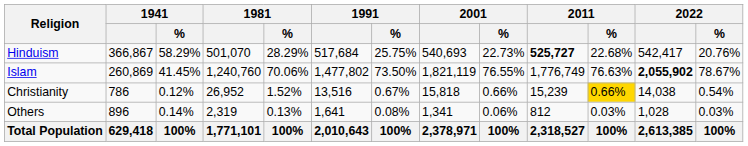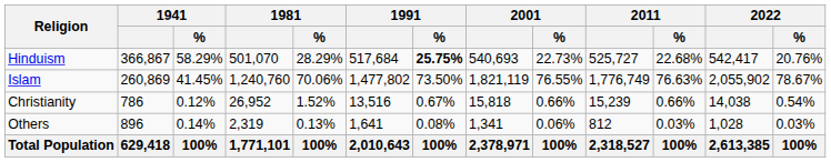 <table class="wikitable sortable">
 <tr>
 <th rowspan="2">Religion</th>
 <th colspan="2">1941</th>
 <th colspan="2">1981</th>
 <th colspan="2">1991</th>
 <th colspan="2">2001</th>
 <th colspan="2">2011</th>
 <th colspan="2">2022</th>
 </tr>
 <tr>
 <th></th>
 <th>%</th>
 <th></th>
 <th>%</th>
 <th></th>
 <th>%</th>
 <th></th>
 <th>%</th>
 <th></th>
 <th>%</th>
 <th></th>
 <th>%</th>
 </tr>
 <tr>
 <td><a href='#'>Hinduism</a> </td>
 <td>366,867</td>
 <td>58.29%</td>
 <td>501,070</td>
 <td>28.29%</td>
 <td>517,684</td>
-<td>25.75%</td>
+<td><strong>25.75%</strong></td>
 <td>540,693</td>
 <td>22.73%</td>
-<td><strong>525,727</strong></td>
+<td>525,727</td>
 <td>22.68%</td>
 <td>542,417</td>
 <td>20.76%</td>
 </tr>
 <tr>
 <td><a href='#'>Islam</a> </td>
 <td>260,869</td>
 <td>41.45%</td>
 <td>1,240,760</td>
 <td>70.06%</td>
 <td>1,477,802</td>
 <td>73.50%</td>
 <td>1,821,119</td>
 <td>76.55%</td>
 <td>1,776,749</td>
 <td>76.63%</td>
-<td><strong>2,055,902</strong></td>
+<td>2,055,902</td>
 <td>78.67%</td>
 </tr>
 <tr>
 <td>Christianity </td>
 <td>786</td>
 <td>0.12%</td>
 <td>26,952</td>
 <td>1.52%</td>
 <td>13,516</td>
 <td>0.67%</td>
 <td>15,818</td>
 <td>0.66%</td>
 <td>15,239</td>
-<td style="background: gold;">0.66%</td>
+<td>0.66%</td>
 <td>14,038</td>
 <td>0.54%</td>
 </tr>
 <tr>
 <td>Others </td>
 <td>896</td>
 <td>0.14%</td>
 <td>2,319</td>
 <td>0.13%</td>
 <td>1,641</td>
 <td>0.08%</td>
 <td>1,341</td>
 <td>0.06%</td>
 <td>812</td>
 <td>0.03%</td>
 <td>1,028</td>
 <td>0.03%</td>
 </tr>
 <tr>
 <th>Total Population</th>
 <th>629,418</th>
 <th>100%</th>
 <th>1,771,101</th>
 <th>100%</th>
 <th>2,010,643</th>
 <th>100%</th>
 <th>2,378,971</th>
 <th>100%</th>
 <th>2,318,527</th>
 <th>100%</th>
 <th>2,613,385</th>
 <th>100%</th>
 </tr>
 </table>
